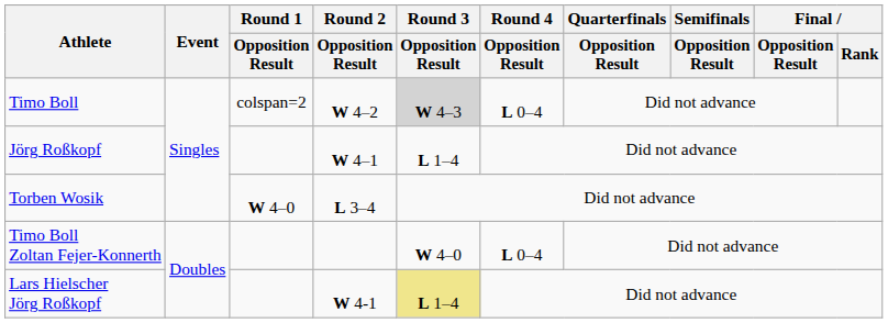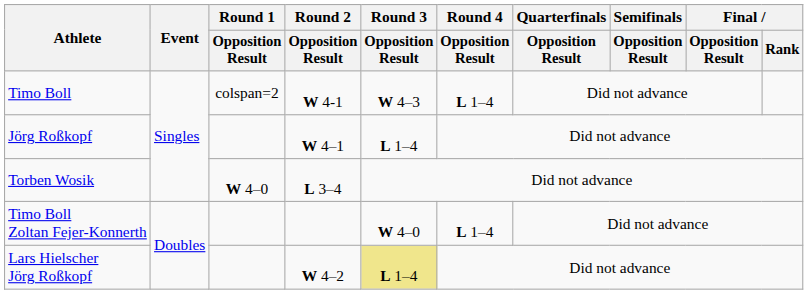 <table class="wikitable" style="font-size:90%">
 <tr>
 <th rowspan="2">Athlete</th>
 <th rowspan="2">Event</th>
 <th>Round 1</th>
 <th>Round 2</th>
 <th>Round 3</th>
 <th>Round 4</th>
 <th>Quarterfinals</th>
 <th>Semifinals</th>
 <th colspan=2>Final / </th>
 </tr>
 <tr style="font-size:95%">
 <th>Opposition<br>Result</th>
 <th>Opposition<br>Result</th>
 <th>Opposition<br>Result</th>
 <th>Opposition<br>Result</th>
 <th>Opposition<br>Result</th>
 <th>Opposition<br>Result</th>
 <th>Opposition<br>Result</th>
 <th>Rank</th>
 </tr>
 <tr align=center>
 <td align=left><a href='#'>Timo Boll</a></td>
 <td align=left rowspan=3><a href='#'>Singles</a></td>
 <td>colspan=2 </td>
-<td><br><strong>W</strong> 4–2</td>
-<td style="background: lightgrey;"><br><strong>W</strong> 4–3</td>
-<td><br><strong>L</strong> 0–4</td>
+<td><br><strong>W</strong> 4-1</td>
+<td><br><strong>W</strong> 4–3</td>
+<td><br><strong>L</strong> 1–4</td>
 <td colspan=3>Did not advance</td>
 </tr>
 <tr align=center>
 <td align=left><a href='#'>Jörg Roßkopf</a></td>
 <td></td>
 <td><br><strong>W</strong> 4–1</td>
 <td><br><strong>L</strong> 1–4</td>
 <td colspan=5>Did not advance</td>
 </tr>
 <tr align=center>
 <td align=left><a href='#'>Torben Wosik</a></td>
 <td><br><strong>W</strong> 4–0</td>
 <td><br><strong>L</strong> 3–4</td>
 <td colspan=6>Did not advance</td>
 </tr>
 <tr align=center>
 <td align=left><a href='#'>Timo Boll</a><br><a href='#'>Zoltan Fejer-Konnerth</a></td>
 <td align=left rowspan=2><a href='#'>Doubles</a></td>
 <td></td>
 <td></td>
 <td><br><strong>W</strong> 4–0</td>
-<td><br><strong>L</strong> 0–4</td>
+<td><br><strong>L</strong> 1–4</td>
 <td colspan=4>Did not advance</td>
 </tr>
 <tr align=center>
 <td align=left><a href='#'>Lars Hielscher</a><br><a href='#'>Jörg Roßkopf</a></td>
 <td></td>
-<td><br><strong>W</strong> 4-1</td>
+<td><br><strong>W</strong> 4–2</td>
 <td style="background: khaki;"><br><strong>L</strong> 1–4</td>
 <td colspan=5>Did not advance</td>
 </tr>
 </table>
